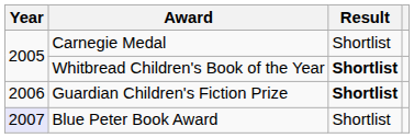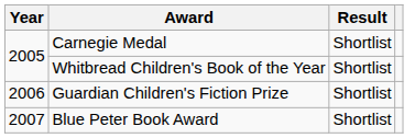 <table class="wikitable">
 <tr>
 <th>Year</th>
 <th>Award</th>
 <th>Result</th>
 <th></th>
 </tr>
 <tr>
 <td rowspan="2">2005</td>
 <td>Carnegie Medal</td>
 <td>Shortlist</td>
 <td></td>
 </tr>
 <tr>
 <td>Whitbread Children's Book of the Year</td>
-<td><strong>Shortlist</strong></td>
+<td>Shortlist</td>
 <td></td>
 </tr>
 <tr>
 <td>2006</td>
 <td>Guardian Children's Fiction Prize</td>
-<td><strong>Shortlist</strong></td>
+<td>Shortlist</td>
 <td></td>
 </tr>
 <tr>
-<td style="background: lavender;">2007</td>
+<td>2007</td>
 <td>Blue Peter Book Award</td>
 <td>Shortlist</td>
 <td></td>
 </tr>
 </table>
